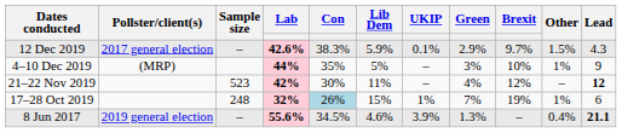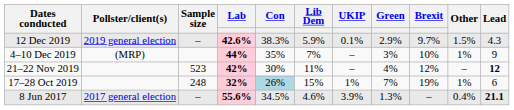 <table class="wikitable sortable mw-datatable" style="text-align:center;line-height:14px;">
 <tr>
 <th rowspan="2">Dates<br>conducted</th>
 <th rowspan="2">Pollster/client(s)</th>
 <th data-sort-type="number" rowspan="2">Sample<br>size</th>
 <th class="unsortable" style="width:50px;"><a href='#'>Lab</a></th>
 <th class="unsortable" style="width:50px;"><a href='#'>Con</a></th>
 <th class="unsortable" style="width:50px;"><a href='#'>Lib Dem</a></th>
 <th class="unsortable" style="width:50px;"><a href='#'>UKIP</a></th>
 <th class="unsortable" style="width:50px;"><a href='#'>Green</a></th>
 <th class="unsortable" style="width:50px;"><a href='#'>Brexit</a></th>
 <th class="unsortable" rowspan="2">Other</th>
 <th data-sort-type="number" rowspan="2">Lead</th>
 </tr>
 <tr>
 <th data-sort-type="number" style="background:"></th>
 <th data-sort-type="number" style="background:"></th>
 <th data-sort-type="number" style="background:"></th>
 <th data-sort-type="number" style="background:"></th>
 <th data-sort-type="number" style="background:"></th>
 <th data-sort-type="number" style="background:"></th>
 </tr>
 <tr style="background:#E9E9E9;">
 <td data-sort-value="2017-06-08">12 Dec 2019</td>
-<td><a href='#'>2017 general election</a></td>
+<td><a href='#'>2019 general election</a></td>
 <td>–</td>
 <td style="background:#FFCCD9;"><strong>42.6%</strong></td>
 <td>38.3%</td>
 <td>5.9%</td>
 <td>0.1%</td>
 <td>2.9%</td>
 <td>9.7%</td>
 <td>1.5%</td>
 <td style="background:">4.3</td>
 </tr>
 <tr>
 <td data-sort-value="2019-12-10">4–10 Dec 2019</td>
 <td> (MRP)</td>
 <td></td>
 <td style="background:#FFCCD9;"><strong>44%</strong></td>
 <td>35%</td>
-<td>5%</td>
+<td>7%</td>
 <td>–</td>
 <td>3%</td>
 <td>10%</td>
 <td>1%</td>
 <td style="background:">9</td>
 </tr>
 <tr>
 <td data-sort-value="2019-11-22">21–22 Nov 2019</td>
 <td></td>
 <td>523</td>
 <td style="background:#FFCCD9;"><strong>42%</strong></td>
 <td>30%</td>
 <td>11%</td>
 <td>–</td>
 <td>4%</td>
 <td>12%</td>
 <td>–</td>
 <td style="background:"><strong>12</strong></td>
 </tr>
 <tr>
 <td data-sort-value="2019-10-28">17–28 Oct 2019</td>
 <td></td>
 <td>248</td>
 <td style="background:#FFCCD9;"><strong>32%</strong></td>
 <td style="background: lightblue;">26%</td>
 <td>15%</td>
 <td>1%</td>
 <td>7%</td>
 <td>19%</td>
 <td>1%</td>
 <td style="background:">6</td>
 </tr>
 <tr style="background:#E9E9E9;">
 <td data-sort-value="2017-06-08">8 Jun 2017</td>
-<td><a href='#'>2019 general election</a></td>
+<td><a href='#'>2017 general election</a></td>
 <td>–</td>
 <td style="background:#FFCCD9;"><strong>55.6%</strong></td>
 <td>34.5%</td>
 <td>4.6%</td>
 <td>3.9%</td>
 <td>1.3%</td>
 <td>–</td>
 <td>0.4%</td>
 <td style="background:"><strong>21.1</strong></td>
 </tr>
 </table>
